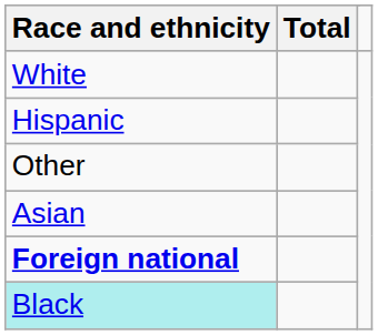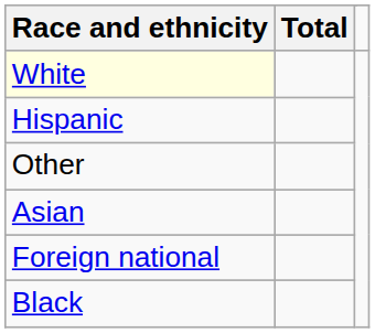 <table class="wikitable floatright sortable collapsible"; text-align:right; font-size:80%;">
 <tr>
 <th>Race and ethnicity</th>
 <th colspan="2" data-sort-type=number>Total</th>
 <td></td>
 </tr>
 <tr>
-<td><a href='#'>White</a></td>
+<td style="background: lightyellow;"><a href='#'>White</a></td>
 <td align=right></td>
 </tr>
 <tr>
 <td><a href='#'>Hispanic</a></td>
 <td align=right></td>
 </tr>
 <tr>
 <td>Other</td>
 <td align=right></td>
 </tr>
 <tr>
 <td><a href='#'>Asian</a></td>
 <td align=right></td>
 </tr>
 <tr>
-<td><strong><a href='#'>Foreign national</a></strong></td>
+<td><a href='#'>Foreign national</a></td>
 <td align=right></td>
 </tr>
 <tr>
-<td style="background: paleturquoise;"><a href='#'>Black</a></td>
+<td><a href='#'>Black</a></td>
 <td align=right></td>
 </tr>
 </table>
